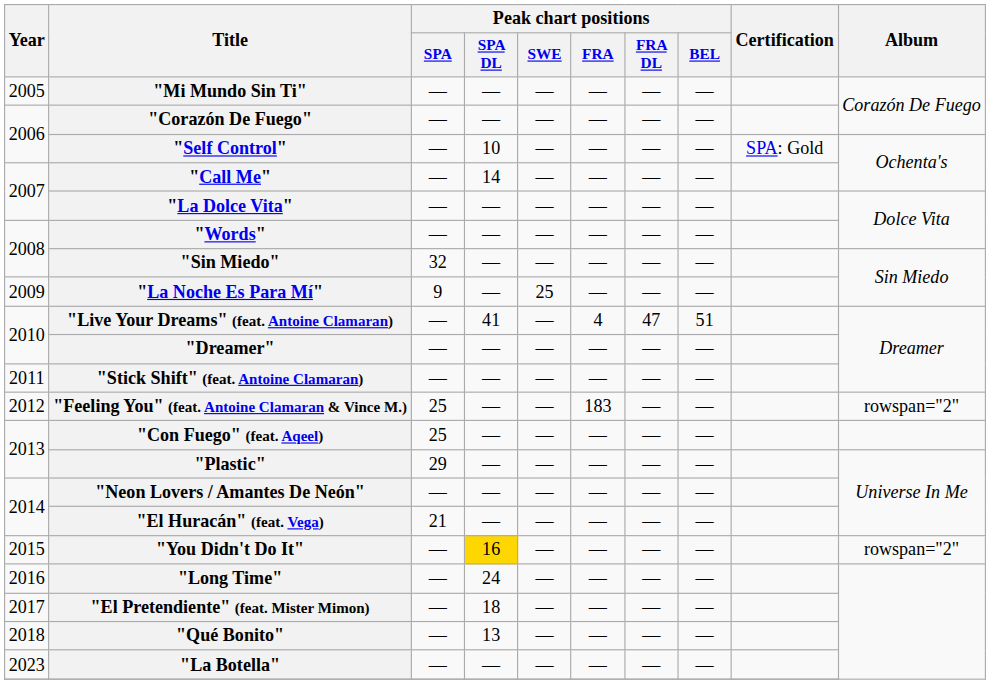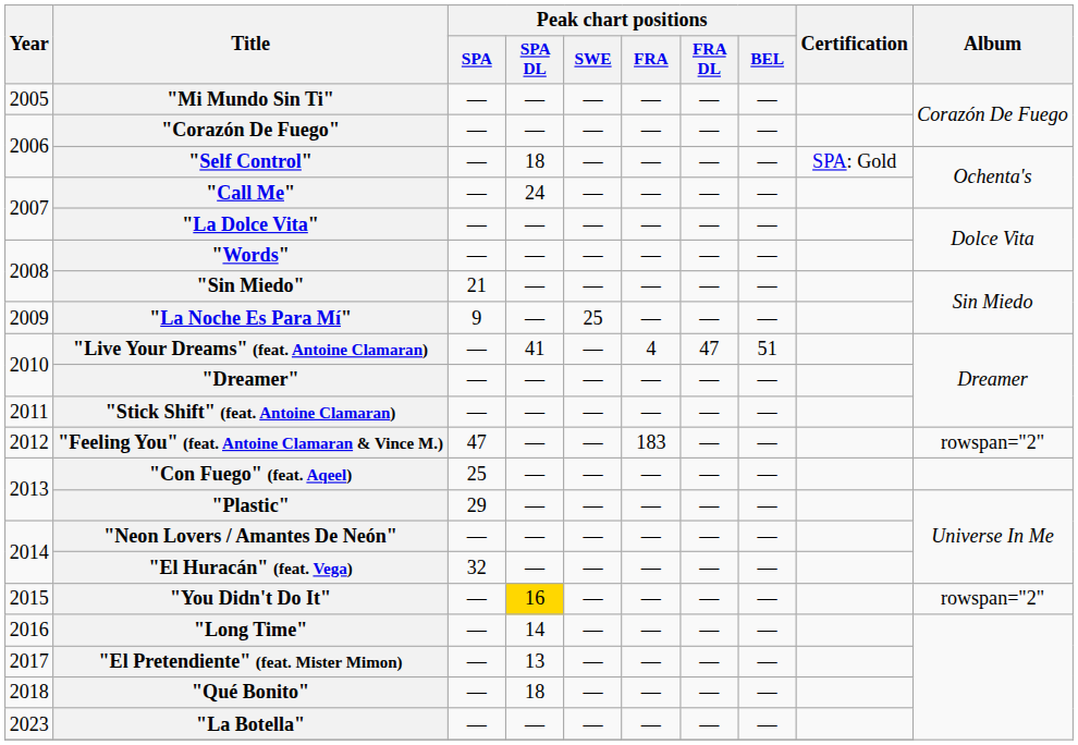 <table class="wikitable plainrowheaders" style="text-align:center;">
 <tr>
 <th scope="col" rowspan="2">Year</th>
 <th scope="col" rowspan="2">Title</th>
 <th scope="col" colspan="6">Peak chart positions</th>
 <th scope="col" rowspan="2">Certification</th>
 <th scope="col" rowspan="2">Album</th>
 </tr>
 <tr>
 <th scope="col" style="width:3em;font-size:85%;"><a href='#'>SPA</a></th>
 <th scope="col" style="width:3em;font-size:85%;"><a href='#'>SPA</a> <a href='#'>DL</a></th>
 <th scope="col" style="width:3em;font-size:85%;"><a href='#'>SWE</a></th>
 <th scope="col" style="width:3em;font-size:85%;"><a href='#'>FRA</a></th>
 <th scope="col" style="width:3em;font-size:85%;"><a href='#'>FRA</a> <a href='#'>DL</a></th>
 <th scope="col" style="width:3em;font-size:85%;"><a href='#'>BEL</a></th>
 </tr>
 <tr>
 <td>2005</td>
 <th scope="row">"Mi Mundo Sin Ti"</th>
 <td>—</td>
 <td>—</td>
 <td>—</td>
 <td>—</td>
 <td>—</td>
 <td>—</td>
 <td></td>
 <td rowspan="2"><em>Corazón De Fuego</em></td>
 </tr>
 <tr>
 <td rowspan="2">2006</td>
 <th scope="row">"Corazón De Fuego"</th>
 <td>—</td>
 <td>—</td>
 <td>—</td>
 <td>—</td>
 <td>—</td>
 <td>—</td>
 <td></td>
 </tr>
 <tr>
 <th scope="row">"<a href='#'>Self Control</a>"</th>
 <td>—</td>
-<td>10</td>
+<td>18</td>
 <td>—</td>
 <td>—</td>
 <td>—</td>
 <td>—</td>
 <td><a href='#'>SPA</a>: Gold</td>
 <td rowspan="2"><em>Ochenta's</em></td>
 </tr>
 <tr>
 <td rowspan="2">2007</td>
 <th scope="row">"<a href='#'>Call Me</a>"</th>
 <td>—</td>
-<td>14</td>
+<td>24</td>
 <td>—</td>
 <td>—</td>
 <td>—</td>
 <td>—</td>
 <td></td>
 </tr>
 <tr>
 <th scope="row">"<a href='#'>La Dolce Vita</a>"</th>
 <td>—</td>
 <td>—</td>
 <td>—</td>
 <td>—</td>
 <td>—</td>
 <td>—</td>
 <td></td>
 <td rowspan="2"><em>Dolce Vita</em></td>
 </tr>
 <tr>
 <td rowspan="2">2008</td>
 <th scope="row">"<a href='#'>Words</a>"</th>
 <td>—</td>
 <td>—</td>
 <td>—</td>
 <td>—</td>
 <td>—</td>
 <td>—</td>
 <td></td>
 </tr>
 <tr>
 <th scope="row">"Sin Miedo"</th>
-<td>32</td>
+<td>21</td>
 <td>—</td>
 <td>—</td>
 <td>—</td>
 <td>—</td>
 <td>—</td>
 <td></td>
 <td rowspan="2"><em>Sin Miedo</em></td>
 </tr>
 <tr>
 <td>2009</td>
 <th scope="row">"<a href='#'>La Noche Es Para Mí</a>"</th>
 <td>9</td>
 <td>—</td>
 <td>25</td>
 <td>—</td>
 <td>—</td>
 <td>—</td>
 <td></td>
 </tr>
 <tr>
 <td rowspan="2">2010</td>
 <th scope="row">"Live Your Dreams" <small>(feat. <a href='#'>Antoine Clamaran</a>)</small></th>
 <td>—</td>
 <td>41</td>
 <td>—</td>
 <td>4</td>
 <td>47</td>
 <td>51</td>
 <td></td>
 <td rowspan="3"><em>Dreamer</em></td>
 </tr>
 <tr>
 <th scope="row">"Dreamer"</th>
 <td>—</td>
 <td>—</td>
 <td>—</td>
 <td>—</td>
 <td>—</td>
 <td>—</td>
 <td></td>
 </tr>
 <tr>
 <td>2011</td>
 <th scope="row">"Stick Shift" <small>(feat. <a href='#'>Antoine Clamaran</a>)</small></th>
 <td>—</td>
 <td>—</td>
 <td>—</td>
 <td>—</td>
 <td>—</td>
 <td>—</td>
 <td></td>
 </tr>
 <tr>
 <td>2012</td>
 <th scope="row">"Feeling You" <small>(feat. <a href='#'>Antoine Clamaran</a> & Vince M.)</small></th>
-<td>25</td>
+<td>47</td>
 <td>—</td>
 <td>—</td>
 <td>183</td>
 <td>—</td>
 <td>—</td>
 <td></td>
 <td>rowspan="2" </td>
 </tr>
 <tr>
 <td rowspan="2">2013</td>
 <th scope="row">"Con Fuego" <small>(feat. <a href='#'>Aqeel</a>)</small></th>
 <td>25</td>
 <td>—</td>
 <td>—</td>
 <td>—</td>
 <td>—</td>
 <td>—</td>
 <td></td>
 </tr>
 <tr>
 <th scope="row">"Plastic"</th>
 <td>29</td>
 <td>—</td>
 <td>—</td>
 <td>—</td>
 <td>—</td>
 <td>—</td>
 <td></td>
 <td rowspan="3"><em>Universe In Me</em></td>
 </tr>
 <tr>
 <td rowspan="2">2014</td>
 <th scope="row">"Neon Lovers / Amantes De Neón"</th>
 <td>—</td>
 <td>—</td>
 <td>—</td>
 <td>—</td>
 <td>—</td>
 <td>—</td>
 <td></td>
 </tr>
 <tr>
 <th scope="row">"El Huracán" <small>(feat. <a href='#'>Vega</a>)</small></th>
-<td>21</td>
+<td>32</td>
 <td>—</td>
 <td>—</td>
 <td>—</td>
 <td>—</td>
 <td>—</td>
 <td></td>
 </tr>
 <tr>
 <td>2015</td>
 <th scope="row">"You Didn't Do It"</th>
 <td>—</td>
 <td style="background: gold;">16</td>
 <td>—</td>
 <td>—</td>
 <td>—</td>
 <td>—</td>
 <td></td>
 <td>rowspan="2" </td>
 </tr>
 <tr>
 <td>2016</td>
 <th scope="row">"Long Time"</th>
 <td>—</td>
-<td>24</td>
+<td>14</td>
 <td>—</td>
 <td>—</td>
 <td>—</td>
 <td>—</td>
 <td></td>
 </tr>
 <tr>
 <td>2017</td>
 <th scope="row">"El Pretendiente" <small>(feat. Mister Mimon)</small></th>
 <td>—</td>
-<td>18</td>
+<td>13</td>
 <td>—</td>
 <td>—</td>
 <td>—</td>
 <td>—</td>
 <td></td>
 </tr>
 <tr>
 <td>2018</td>
 <th scope="row">"Qué Bonito"</th>
 <td>—</td>
-<td>13</td>
+<td>18</td>
 <td>—</td>
 <td>—</td>
 <td>—</td>
 <td>—</td>
 <td></td>
 </tr>
 <tr>
 <td>2023</td>
 <th scope="row">"La Botella"</th>
 <td>—</td>
 <td>—</td>
 <td>—</td>
 <td>—</td>
 <td>—</td>
 <td>—</td>
 <td></td>
 </tr>
 <tr>
 </tr>
 </table>
